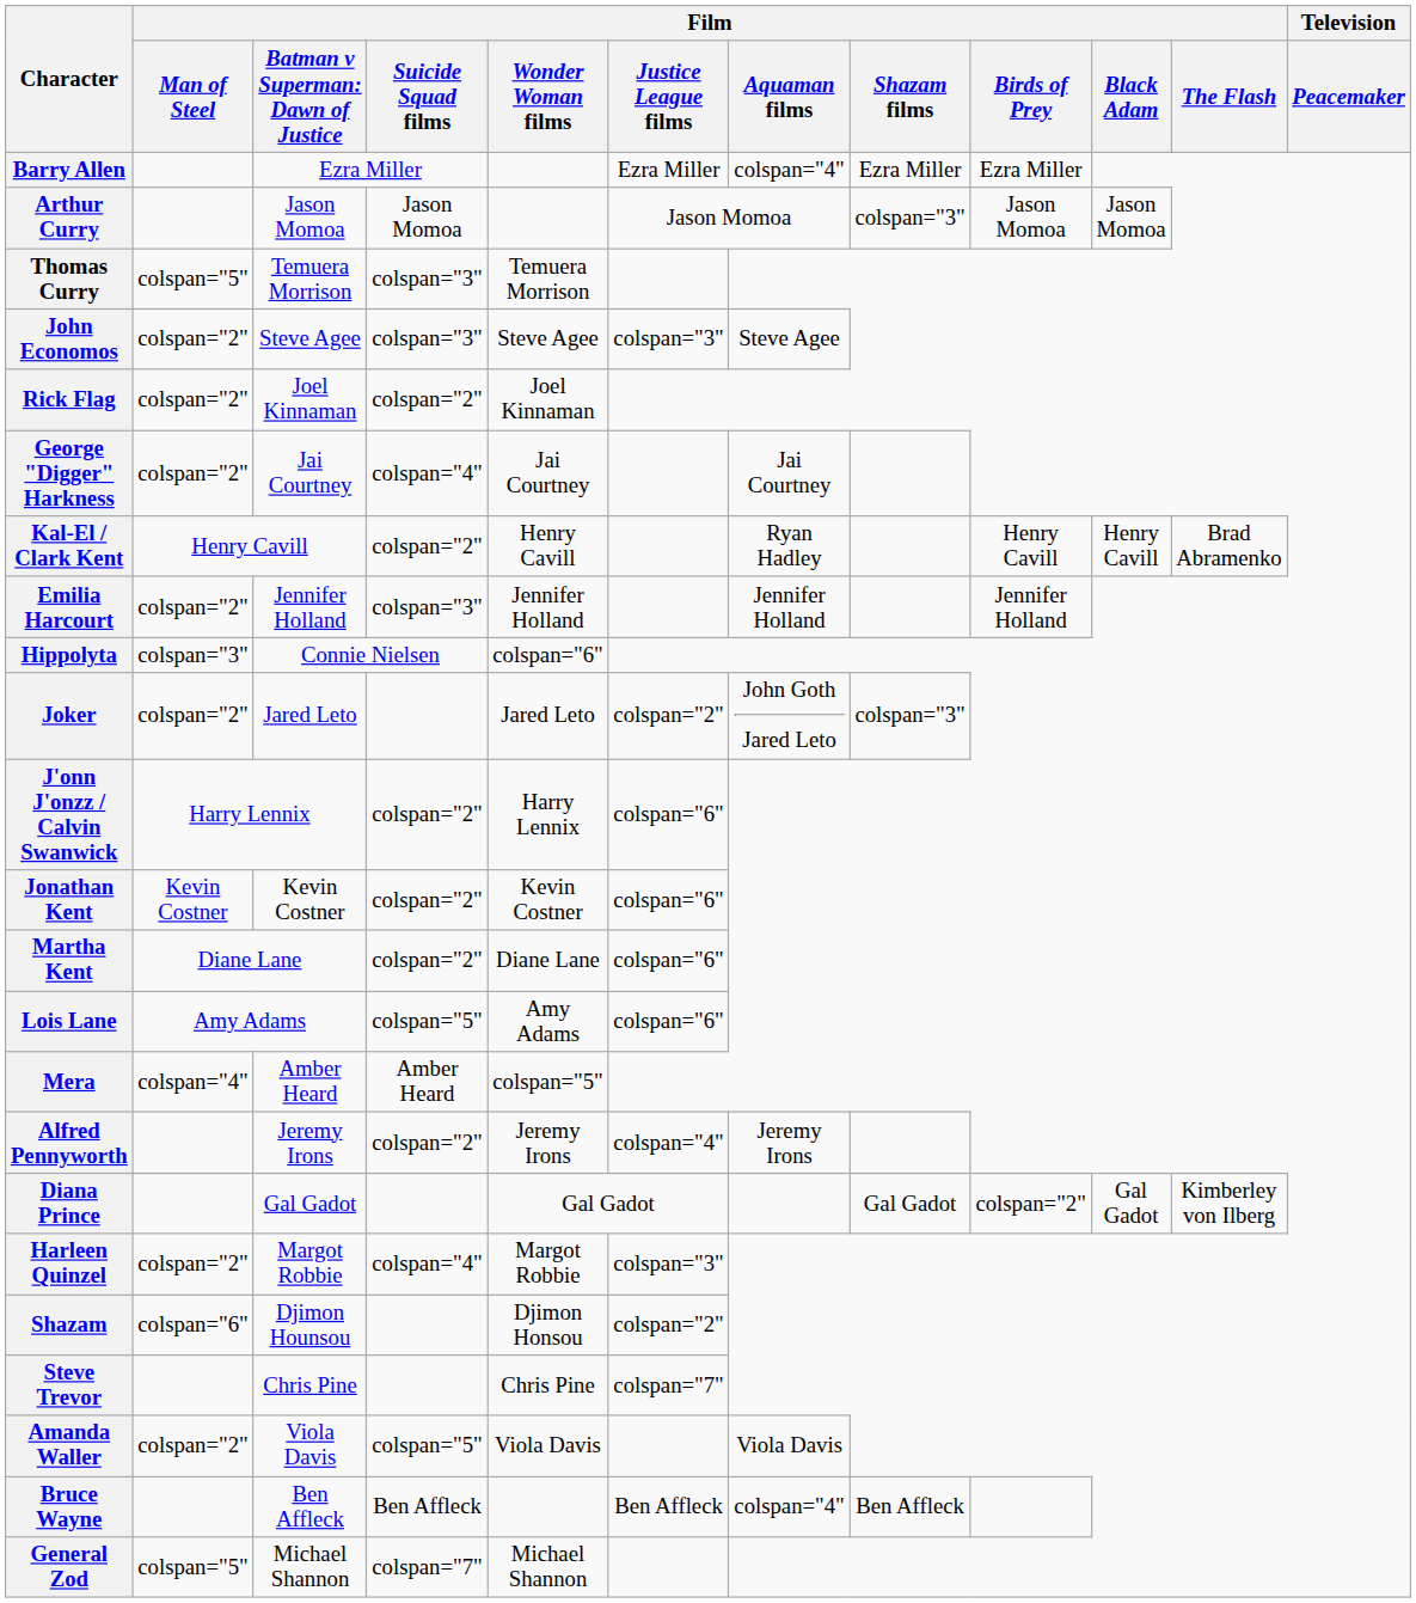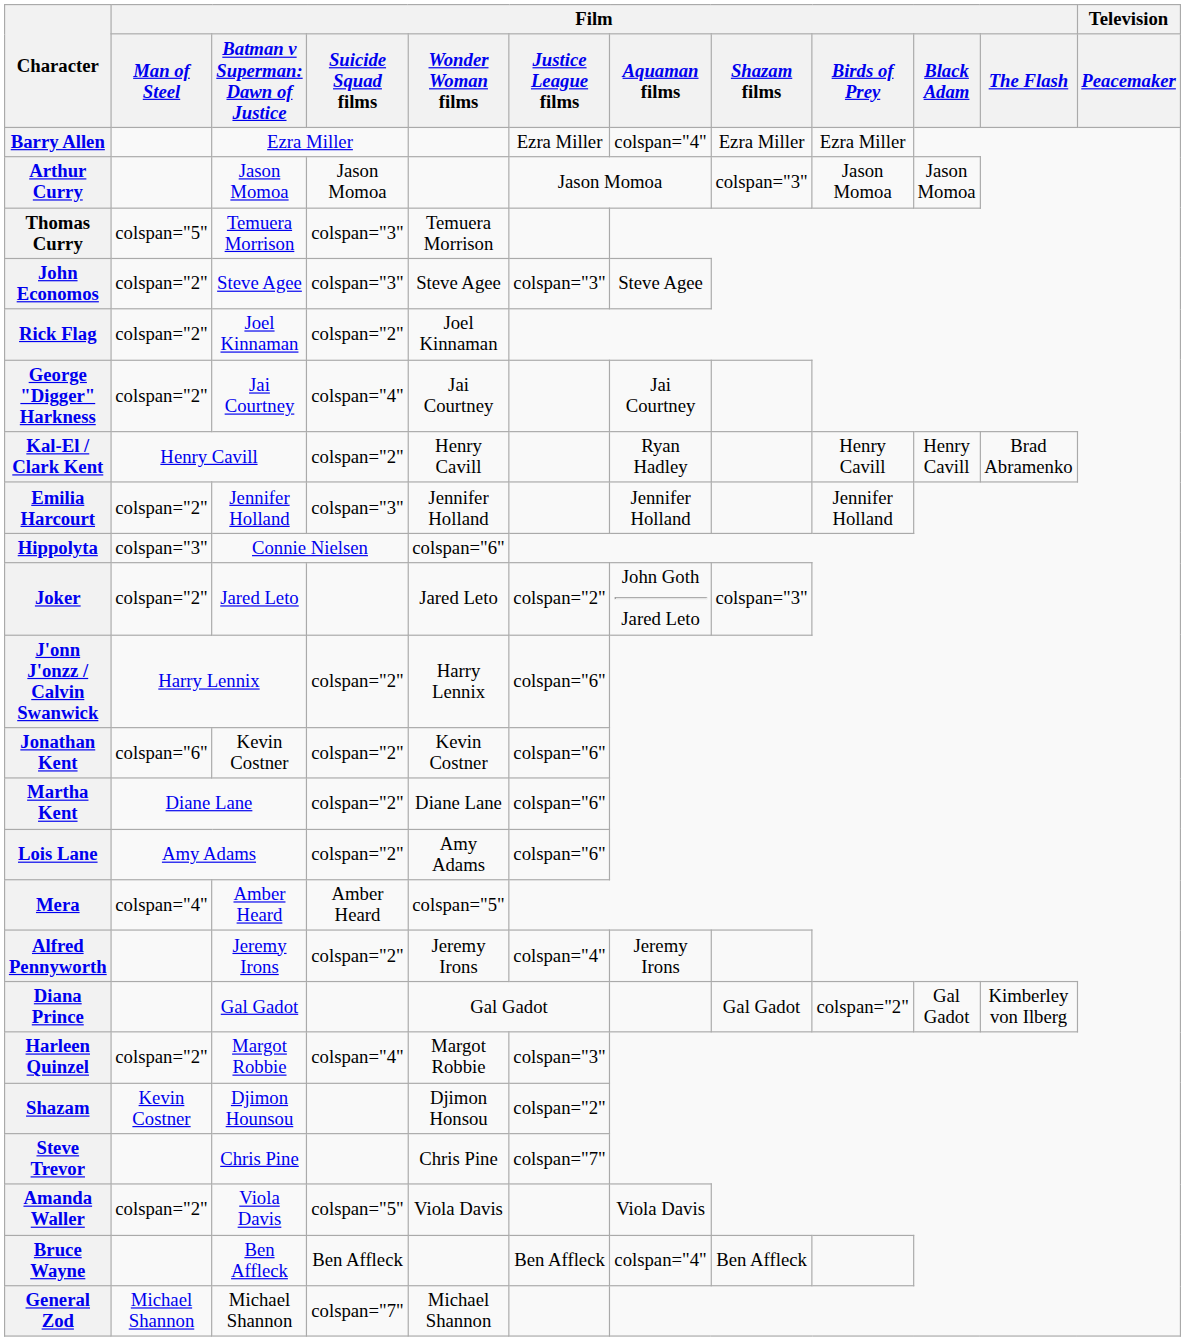 <table class="wikitable" style="text-align:center; width:99%;">
 <tr>
 <th scope="col" rowspan="2">Character</th>
 <th scope="col" colspan="10">Film</th>
 <th scope="col">Television</th>
 </tr>
 <tr>
 <th><em><a href='#'>Man of Steel</a></em></th>
 <th><em><a href='#'>Batman v Superman:<br>Dawn of Justice</a></em></th>
 <th><em><a href='#'>Suicide Squad</a></em> films</th>
 <th><em><a href='#'>Wonder Woman</a></em> films</th>
 <th><em><a href='#'>Justice League</a></em> films</th>
 <th><em><a href='#'>Aquaman</a></em> films</th>
 <th><em><a href='#'>Shazam</a></em> films</th>
 <th><em><a href='#'>Birds of Prey</a></em></th>
 <th><em><a href='#'>Black Adam</a></em></th>
 <th><em><a href='#'>The Flash</a></em></th>
 <th><em><a href='#'>Peacemaker</a></em></th>
 </tr>
 <tr>
 <th scope="row"><a href='#'>Barry Allen<br></a></th>
 <td></td>
 <td colspan="2"><a href='#'>Ezra Miller</a></td>
 <td></td>
 <td>Ezra Miller</td>
 <td>colspan="4" </td>
 <td>Ezra Miller</td>
 <td>Ezra Miller</td>
 </tr>
 <tr>
 <th><a href='#'>Arthur Curry<br></a></th>
 <td></td>
 <td><a href='#'>Jason Momoa</a></td>
 <td>Jason Momoa</td>
 <td></td>
 <td colspan="2">Jason Momoa</td>
 <td>colspan="3" </td>
 <td>Jason Momoa</td>
 <td>Jason Momoa</td>
 </tr>
 <tr>
 <th>Thomas Curry</th>
 <td>colspan="5" </td>
 <td><a href='#'>Temuera Morrison</a></td>
 <td>colspan="3" </td>
 <td>Temuera Morrison</td>
 <td></td>
 </tr>
 <tr>
 <th><a href='#'>John Economos</a></th>
 <td>colspan="2" </td>
 <td><a href='#'>Steve Agee</a></td>
 <td>colspan="3" </td>
 <td>Steve Agee</td>
 <td>colspan="3" </td>
 <td>Steve Agee</td>
 </tr>
 <tr>
 <th><a href='#'>Rick Flag</a></th>
 <td>colspan="2" </td>
 <td><a href='#'>Joel Kinnaman</a></td>
 <td>colspan="2" </td>
 <td>Joel Kinnaman</td>
 </tr>
 <tr>
 <th><a href='#'>George "Digger" Harkness<br></a></th>
 <td>colspan="2" </td>
 <td><a href='#'>Jai Courtney</a></td>
 <td>colspan="4" </td>
 <td>Jai Courtney</td>
 <td></td>
 <td>Jai Courtney</td>
 <td></td>
 </tr>
 <tr>
 <th><a href='#'>Kal-El / Clark Kent<br></a></th>
 <td colspan="2"><a href='#'>Henry Cavill</a></td>
 <td>colspan="2" </td>
 <td>Henry Cavill</td>
 <td></td>
 <td>Ryan Hadley</td>
 <td></td>
 <td>Henry Cavill</td>
 <td>Henry Cavill</td>
 <td>Brad Abramenko</td>
 </tr>
 <tr>
 <th><a href='#'>Emilia Harcourt</a></th>
 <td>colspan="2" </td>
 <td><a href='#'>Jennifer Holland</a></td>
 <td>colspan="3" </td>
 <td>Jennifer Holland</td>
 <td></td>
 <td>Jennifer Holland</td>
 <td></td>
 <td>Jennifer Holland</td>
 </tr>
 <tr>
 <th><a href='#'>Hippolyta</a></th>
 <td>colspan="3" </td>
 <td colspan="2"><a href='#'>Connie Nielsen</a></td>
 <td>colspan="6" </td>
 </tr>
 <tr>
 <th><a href='#'>Joker</a></th>
 <td>colspan="2" </td>
 <td><a href='#'>Jared Leto</a></td>
 <td></td>
 <td>Jared Leto</td>
 <td>colspan="2" </td>
 <td>John Goth<hr>Jared Leto</td>
 <td>colspan="3" </td>
 </tr>
 <tr>
 <th scope="row"><a href='#'>J'onn J'onzz /<br>Calvin Swanwick<br></a></th>
 <td colspan="2"><a href='#'>Harry Lennix</a></td>
 <td>colspan="2" </td>
 <td>Harry Lennix</td>
 <td>colspan="6" </td>
 </tr>
 <tr>
 <th scope="row"><a href='#'>Jonathan Kent</a></th>
-<td><a href='#'>Kevin Costner</a></td>
+<td>colspan="6" </td>
 <td>Kevin Costner</td>
 <td>colspan="2" </td>
 <td>Kevin Costner</td>
 <td>colspan="6" </td>
 </tr>
 <tr>
 <th scope="row"><a href='#'>Martha Kent</a></th>
 <td colspan="2"><a href='#'>Diane Lane</a></td>
 <td>colspan="2" </td>
 <td>Diane Lane</td>
 <td>colspan="6" </td>
 </tr>
 <tr>
 <th scope="row"><a href='#'>Lois Lane</a></th>
 <td colspan="2"><a href='#'>Amy Adams</a></td>
-<td>colspan="5" </td>
+<td>colspan="2" </td>
 <td>Amy Adams</td>
 <td>colspan="6" </td>
 </tr>
 <tr>
 <th><a href='#'>Mera</a></th>
 <td>colspan="4" </td>
 <td><a href='#'>Amber Heard</a></td>
 <td>Amber Heard</td>
 <td>colspan="5" </td>
 </tr>
 <tr>
 <th scope="row"><a href='#'>Alfred Pennyworth</a></th>
 <td></td>
 <td><a href='#'>Jeremy Irons</a></td>
 <td>colspan="2" </td>
 <td>Jeremy Irons</td>
 <td>colspan="4" </td>
 <td>Jeremy Irons</td>
 <td></td>
 </tr>
 <tr>
 <th><a href='#'>Diana Prince<br></a></th>
 <td></td>
 <td><a href='#'>Gal Gadot</a></td>
 <td></td>
 <td colspan="2">Gal Gadot</td>
 <td></td>
 <td>Gal Gadot</td>
 <td>colspan="2" </td>
 <td>Gal Gadot</td>
 <td>Kimberley von Ilberg</td>
 </tr>
 <tr>
 <th><a href='#'>Harleen Quinzel<br></a></th>
 <td>colspan="2" </td>
 <td><a href='#'>Margot Robbie</a></td>
 <td>colspan="4" </td>
 <td>Margot Robbie</td>
 <td>colspan="3" </td>
 </tr>
 <tr>
 <th><a href='#'>Shazam<br></a></th>
-<td>colspan="6" </td>
+<td><a href='#'>Kevin Costner</a></td>
 <td><a href='#'>Djimon Hounsou</a></td>
 <td></td>
 <td>Djimon Honsou</td>
 <td>colspan="2" </td>
 </tr>
 <tr>
 <th><a href='#'>Steve Trevor</a></th>
 <td></td>
 <td><a href='#'>Chris Pine</a></td>
 <td></td>
 <td>Chris Pine</td>
 <td>colspan="7" </td>
 </tr>
 <tr>
 <th><a href='#'>Amanda Waller</a></th>
 <td>colspan="2" </td>
 <td><a href='#'>Viola Davis</a></td>
 <td>colspan="5" </td>
 <td>Viola Davis</td>
 <td></td>
 <td>Viola Davis</td>
 </tr>
 <tr>
 <th><a href='#'>Bruce Wayne<br></a></th>
 <td></td>
 <td><a href='#'>Ben Affleck</a></td>
 <td>Ben Affleck</td>
 <td></td>
 <td>Ben Affleck</td>
 <td>colspan="4" </td>
 <td>Ben Affleck</td>
 <td></td>
 </tr>
 <tr>
 <th><a href='#'>General Zod</a></th>
-<td>colspan="5" </td>
+<td><a href='#'>Michael Shannon</a></td>
 <td>Michael Shannon</td>
 <td>colspan="7" </td>
 <td>Michael Shannon</td>
 <td></td>
 </tr>
 </table>
